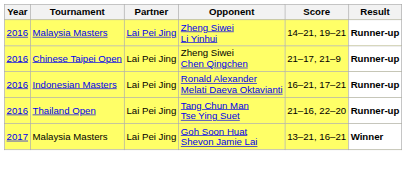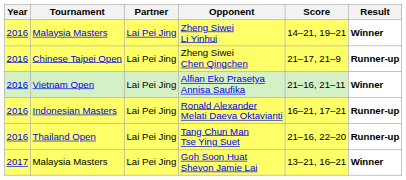 <table class="sortable wikitable" style="font-size: 90%;">
 <tr>
 <th>Year</th>
 <th>Tournament</th>
 <th>Partner</th>
 <th>Opponent</th>
 <th>Score</th>
 <th>Result</th>
 </tr>
 <tr style="background:#FFFF67">
 <td align="center"><a href='#'>2016</a></td>
 <td align="left"><a href='#'>Malaysia Masters</a></td>
 <td align="left"> <a href='#'>Lai Pei Jing</a></td>
 <td align="left"> <a href='#'>Zheng Siwei</a><br> <a href='#'>Li Yinhui</a></td>
 <td align="left">14–21, 19–21</td>
-<td style="text-align:left; background:white"> <strong>Runner-up</strong></td>
+<td style="text-align:left; background:white"> <strong>Winner</strong></td>
 </tr>
 <tr style="background:#FFFF67">
 <td align="center"><a href='#'>2016</a></td>
 <td align="left"><a href='#'>Chinese Taipei Open</a></td>
 <td align="left"> Lai Pei Jing</td>
 <td align="left"> Zheng Siwei<br> <a href='#'>Chen Qingchen</a></td>
 <td align="left">21–17, 21–9</td>
 <td style="text-align:left; background:white"> <strong>Runner-up</strong></td>
+</tr>
+<tr style="background:#D4F1C5">
+<td align="center"><a href='#'>2016</a></td>
+<td align="left"><a href='#'>Vietnam Open</a></td>
+<td align="left"> Lai Pei Jing</td>
+<td align="left"> <a href='#'>Alfian Eko Prasetya</a><br> <a href='#'>Annisa Saufika</a></td>
+<td align="left">21–16, 21–11</td>
+<td style="text-align:left; background:white"> <strong>Winner</strong></td>
 </tr>
 <tr style="background:#FFFF67">
 <td align="center"><a href='#'>2016</a></td>
 <td align="left"><a href='#'>Indonesian Masters</a></td>
 <td align="left"> Lai Pei Jing</td>
 <td align="left"> <a href='#'>Ronald Alexander</a><br> <a href='#'>Melati Daeva Oktavianti</a></td>
 <td align="left">16–21, 17–21</td>
 <td style="text-align:left; background:white"> <strong>Runner-up</strong></td>
 </tr>
 <tr style="background:#FFFF67">
 <td align="center"><a href='#'>2016</a></td>
 <td align="left"><a href='#'>Thailand Open</a></td>
 <td align="left"> Lai Pei Jing</td>
 <td align="left"> <a href='#'>Tang Chun Man</a><br> <a href='#'>Tse Ying Suet</a></td>
 <td align="left">21–16, 22–20</td>
 <td style="text-align:left; background:white"> <strong>Runner-up</strong></td>
 </tr>
 <tr style="background:#FFFF67">
 <td align="center"><a href='#'>2017</a></td>
 <td align="left">Malaysia Masters</td>
 <td align="left"> Lai Pei Jing</td>
 <td align="left"> <a href='#'>Goh Soon Huat</a><br> <a href='#'>Shevon Jamie Lai</a></td>
 <td align="left">13–21, 16–21</td>
 <td style="text-align:left; background:white"> <strong>Winner</strong></td>
 </tr>
 </table>
